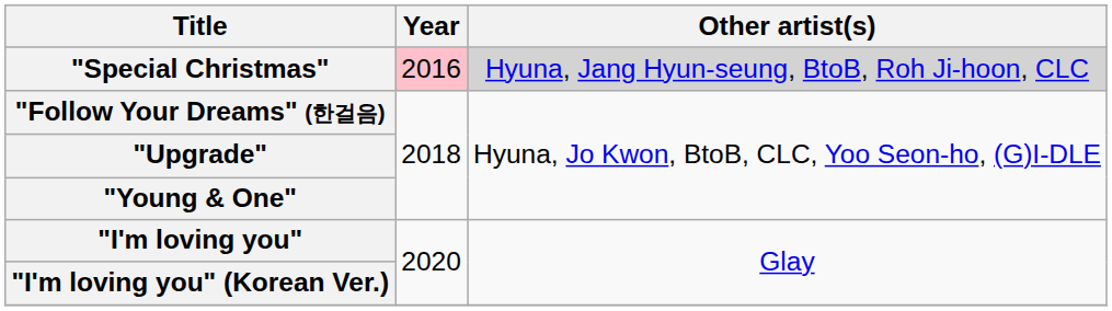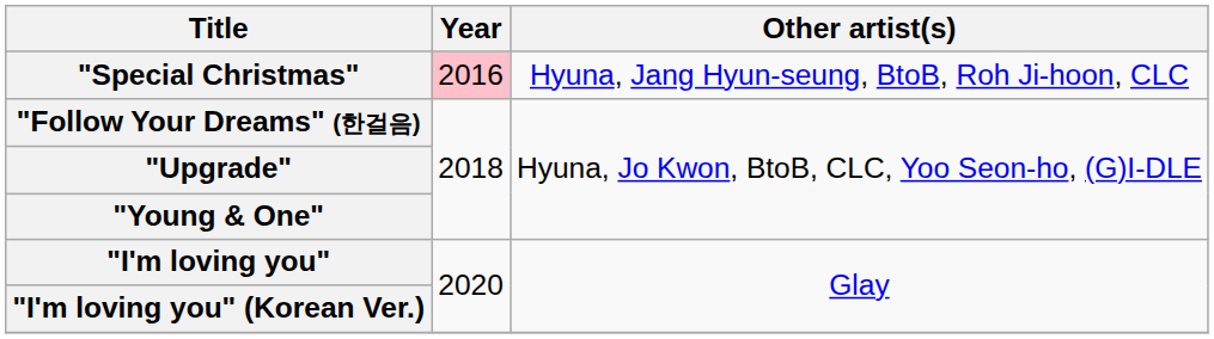 <table class="wikitable plainrowheaders" style="text-align: center;">
 <tr>
 <th>Title</th>
 <th>Year</th>
 <th>Other artist(s)</th>
 </tr>
 <tr>
 <th scope="row">"Special Christmas"</th>
 <td style="background: pink;">2016</td>
-<td style="background: lightgrey;"><a href='#'>Hyuna</a>, <a href='#'>Jang Hyun-seung</a>, <a href='#'>BtoB</a>, <a href='#'>Roh Ji-hoon</a>, <a href='#'>CLC</a></td>
+<td><a href='#'>Hyuna</a>, <a href='#'>Jang Hyun-seung</a>, <a href='#'>BtoB</a>, <a href='#'>Roh Ji-hoon</a>, <a href='#'>CLC</a></td>
 </tr>
 <tr>
 <th scope="row">"Follow Your Dreams" <small> (한걸음) </small></th>
 <td rowspan="3">2018</td>
 <td rowspan="3">Hyuna, <a href='#'>Jo Kwon</a>, BtoB, CLC, <a href='#'>Yoo Seon-ho</a>, <a href='#'>(G)I-DLE</a></td>
 </tr>
 <tr>
 <th scope="row">"Upgrade"</th>
 </tr>
 <tr>
 <th scope="row">"Young & One"</th>
 </tr>
 <tr>
 <th scope="row">"I'm loving you"</th>
 <td rowspan="2">2020</td>
 <td rowspan="2"><a href='#'>Glay</a></td>
 </tr>
 <tr>
 <th scope="row">"I'm loving you" (Korean Ver.)</th>
 </tr>
 <tr>
 </tr>
 </table>
